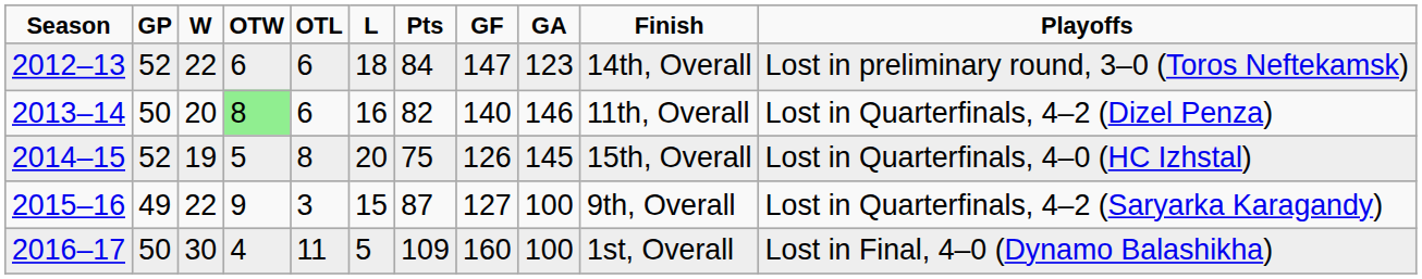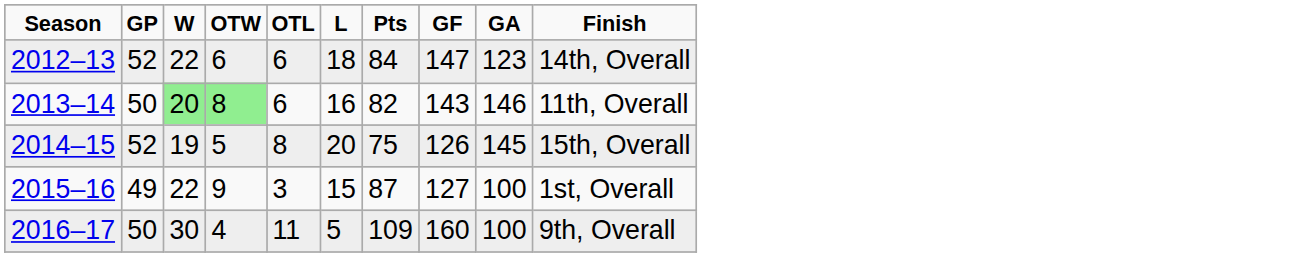 <table class="wikitable">
 <tr style="text-align:center; font-size:small; background:afeeee; padding:5px;"|>
 <td><strong>Season</strong></td>
 <td><strong>GP</strong></td>
 <td><strong>W</strong></td>
 <td><strong>OTW</strong></td>
 <td><strong>OTL</strong></td>
 <td><strong>L</strong></td>
 <td><strong>Pts</strong></td>
 <td><strong>GF</strong></td>
 <td><strong>GA</strong></td>
 <td><strong>Finish</strong></td>
-<td><strong>Playoffs</strong></td>
 </tr>
 <tr style="background:#eee;">
 <td><a href='#'>2012–13</a></td>
 <td>52</td>
 <td>22</td>
 <td>6</td>
 <td>6</td>
 <td>18</td>
 <td>84</td>
 <td>147</td>
 <td>123</td>
 <td>14th, Overall</td>
-<td>Lost in preliminary round, 3–0 (<a href='#'>Toros Neftekamsk</a>)</td>
 </tr>
 <tr>
 <td><a href='#'>2013–14</a></td>
 <td>50</td>
-<td>20</td>
+<td style="background: lightgreen;">20</td>
 <td style="background: lightgreen;">8</td>
 <td>6</td>
 <td>16</td>
 <td>82</td>
-<td>140</td>
+<td>143</td>
 <td>146</td>
 <td>11th, Overall</td>
-<td>Lost in Quarterfinals, 4–2 (<a href='#'>Dizel Penza</a>)</td>
 </tr>
 <tr style="background:#eee;">
 <td><a href='#'>2014–15</a></td>
 <td>52</td>
 <td>19</td>
 <td>5</td>
 <td>8</td>
 <td>20</td>
 <td>75</td>
 <td>126</td>
 <td>145</td>
 <td>15th, Overall</td>
-<td>Lost in Quarterfinals, 4–0 (<a href='#'>HC Izhstal</a>)</td>
 </tr>
 <tr>
 <td><a href='#'>2015–16</a></td>
 <td>49</td>
 <td>22</td>
 <td>9</td>
 <td>3</td>
 <td>15</td>
 <td>87</td>
 <td>127</td>
 <td>100</td>
-<td>9th, Overall</td>
-<td>Lost in Quarterfinals, 4–2 (<a href='#'>Saryarka Karagandy</a>)</td>
+<td>1st, Overall</td>
 </tr>
 <tr style="background:#eee;">
 <td><a href='#'>2016–17</a></td>
 <td>50</td>
 <td>30</td>
 <td>4</td>
 <td>11</td>
 <td>5</td>
 <td>109</td>
 <td>160</td>
 <td>100</td>
-<td>1st, Overall</td>
-<td>Lost in Final, 4–0 (<a href='#'>Dynamo Balashikha</a>)</td>
+<td>9th, Overall</td>
 </tr>
 </table>
